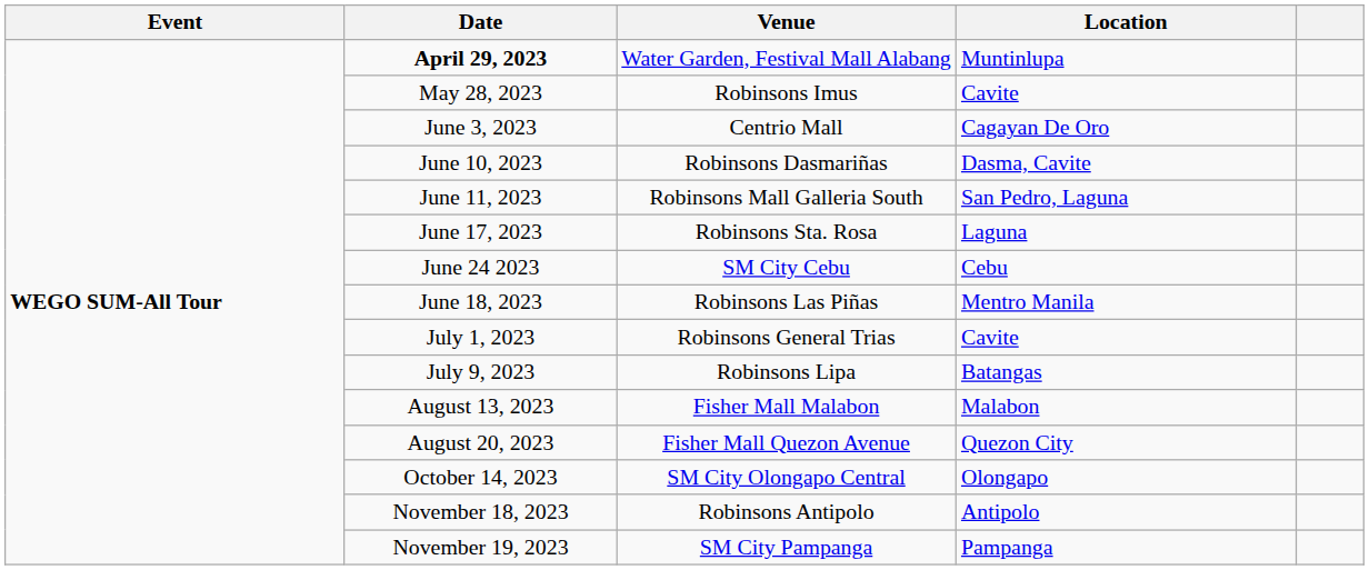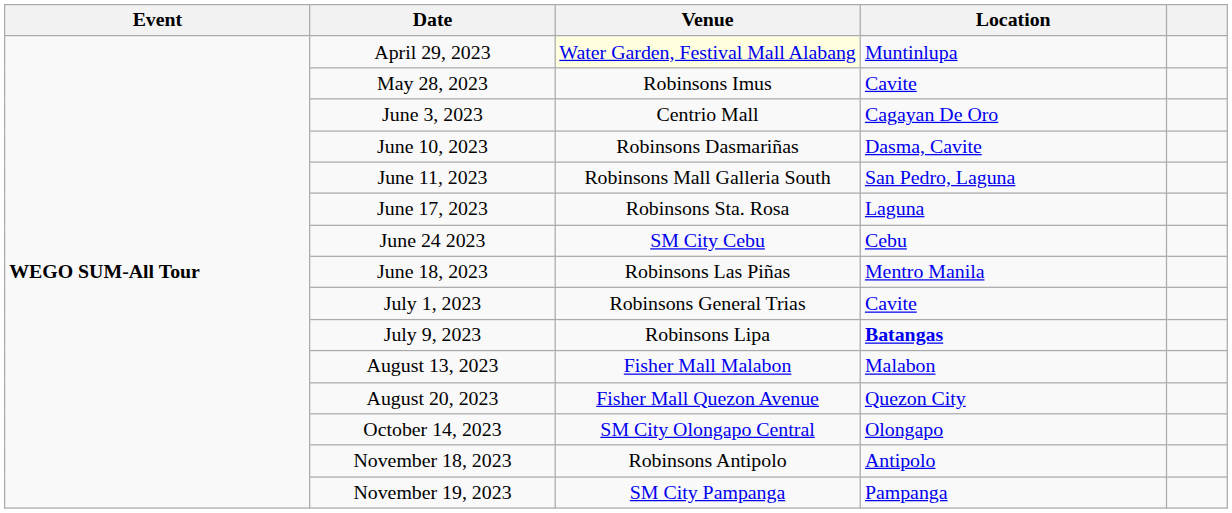 <table class="wikitable">
 <tr>
 <th width="25%">Event</th>
 <th width="20%">Date</th>
 <th width="25%">Venue</th>
 <th width="25%">Location</th>
 <th width="5%"></th>
 </tr>
 <tr>
 <td style="text-align:left;" rowspan="15"><strong>WEGO SUM-All Tour</strong></td>
-<td align="center"><strong>April 29, 2023</strong></td>
-<td align="center"><a href='#'>Water Garden, Festival Mall Alabang</a></td>
+<td align="center">April 29, 2023</td>
+<td align="center" style="background: lightyellow;"><a href='#'>Water Garden, Festival Mall Alabang</a></td>
 <td><a href='#'>Muntinlupa</a></td>
 <td></td>
 </tr>
 <tr>
 <td align="center">May 28, 2023</td>
 <td align="center">Robinsons Imus</td>
 <td><a href='#'>Cavite</a></td>
 <td></td>
 </tr>
 <tr>
 <td align="center">June 3, 2023</td>
 <td align="center">Centrio Mall</td>
 <td><a href='#'>Cagayan De Oro</a></td>
 <td></td>
 </tr>
 <tr>
 <td align="center">June 10, 2023</td>
 <td align="center">Robinsons Dasmariñas</td>
 <td><a href='#'>Dasma, Cavite</a></td>
 <td></td>
 </tr>
 <tr>
 <td align="center">June 11, 2023</td>
 <td align="center">Robinsons Mall Galleria South</td>
 <td><a href='#'>San Pedro, Laguna</a></td>
 <td></td>
 </tr>
 <tr>
 <td align="center">June 17, 2023</td>
 <td align="center">Robinsons Sta. Rosa</td>
 <td><a href='#'>Laguna</a></td>
 <td></td>
 </tr>
 <tr>
 <td align="center">June 24 2023</td>
 <td align="center"><a href='#'>SM City Cebu</a></td>
 <td><a href='#'>Cebu</a></td>
 <td></td>
 </tr>
 <tr>
 <td align="center">June 18, 2023</td>
 <td align="center">Robinsons Las Piñas</td>
 <td><a href='#'>Mentro Manila</a></td>
 <td></td>
 </tr>
 <tr>
 <td align="center">July 1, 2023</td>
 <td align="center">Robinsons General Trias</td>
 <td><a href='#'>Cavite</a></td>
 <td></td>
 </tr>
 <tr>
 <td align="center">July 9, 2023</td>
 <td align="center">Robinsons Lipa</td>
-<td><a href='#'>Batangas</a></td>
+<td><strong><a href='#'>Batangas</a></strong></td>
 <td></td>
 </tr>
 <tr>
 <td align="center">August 13, 2023</td>
 <td align="center"><a href='#'>Fisher Mall Malabon</a></td>
 <td><a href='#'>Malabon</a></td>
 <td></td>
 </tr>
 <tr>
 <td align="center">August  20, 2023</td>
 <td align="center"><a href='#'>Fisher Mall Quezon Avenue</a></td>
 <td><a href='#'>Quezon City</a></td>
 <td></td>
 </tr>
 <tr>
 <td align="center">October 14, 2023</td>
 <td align="center"><a href='#'>SM City Olongapo Central</a></td>
 <td><a href='#'>Olongapo</a></td>
 <td></td>
 </tr>
 <tr>
 <td align="center">November 18, 2023</td>
 <td align="center">Robinsons Antipolo</td>
 <td><a href='#'>Antipolo</a></td>
 <td></td>
 </tr>
 <tr>
 <td align="center">November 19, 2023</td>
 <td align="center"><a href='#'>SM City Pampanga</a></td>
 <td><a href='#'>Pampanga</a></td>
 <td></td>
 </tr>
 </table>
